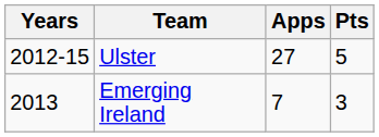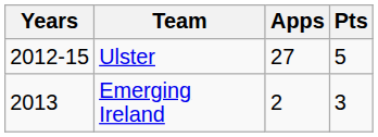 <table class="wikitable" style="text-align:left;">
 <tr>
 <th>Years</th>
 <th width=120px>Team</th>
 <th>Apps</th>
 <th>Pts</th>
 </tr>
 <tr>
 <td>2012-15</td>
 <td><a href='#'>Ulster</a></td>
 <td>27</td>
 <td>5</td>
 </tr>
 <tr>
 <td>2013</td>
 <td><a href='#'>Emerging Ireland</a></td>
-<td>7</td>
+<td>2</td>
 <td>3</td>
 </tr>
 </table>
